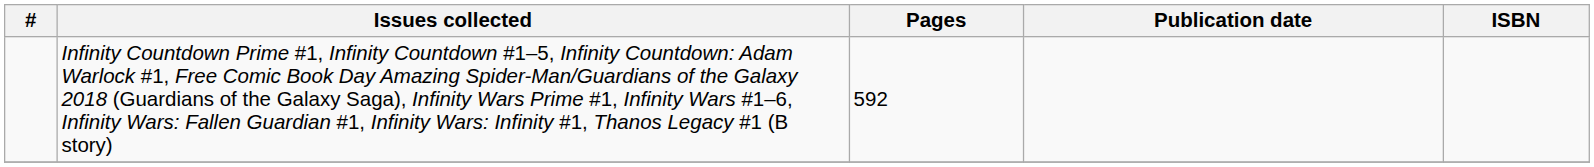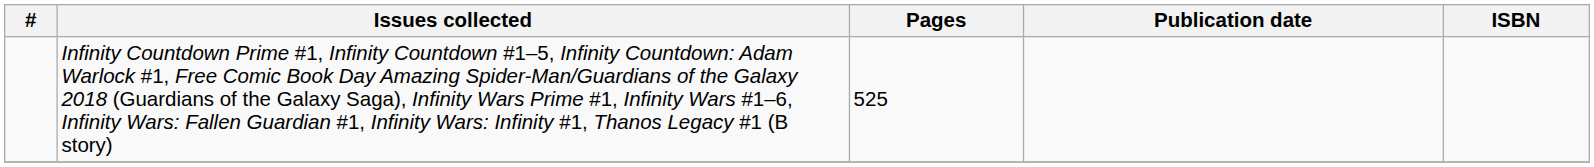 <table class="wikitable sortable" width=98%>
 <tr>
 <th class="unsortable">#</th>
 <th class="unsortable" width="50%">Issues collected</th>
 <th>Pages</th>
 <th>Publication date</th>
 <th class="unsortable">ISBN</th>
 </tr>
 <tr>
 <td></td>
 <td><em>Infinity Countdown Prime</em> #1, <em>Infinity Countdown</em> #1–5, <em>Infinity Countdown: Adam Warlock</em> #1, <em>Free Comic Book Day Amazing Spider-Man/Guardians of the Galaxy 2018</em> (Guardians of the Galaxy Saga), <em>Infinity Wars Prime</em> #1, <em>Infinity Wars</em> #1–6, <em>Infinity Wars: Fallen Guardian</em> #1, <em>Infinity Wars: Infinity</em> #1, <em>Thanos Legacy</em> #1 (B story)</td>
-<td>592</td>
+<td>525</td>
 <td></td>
 <td></td>
 </tr>
 <tr>
 </tr>
 </table>
